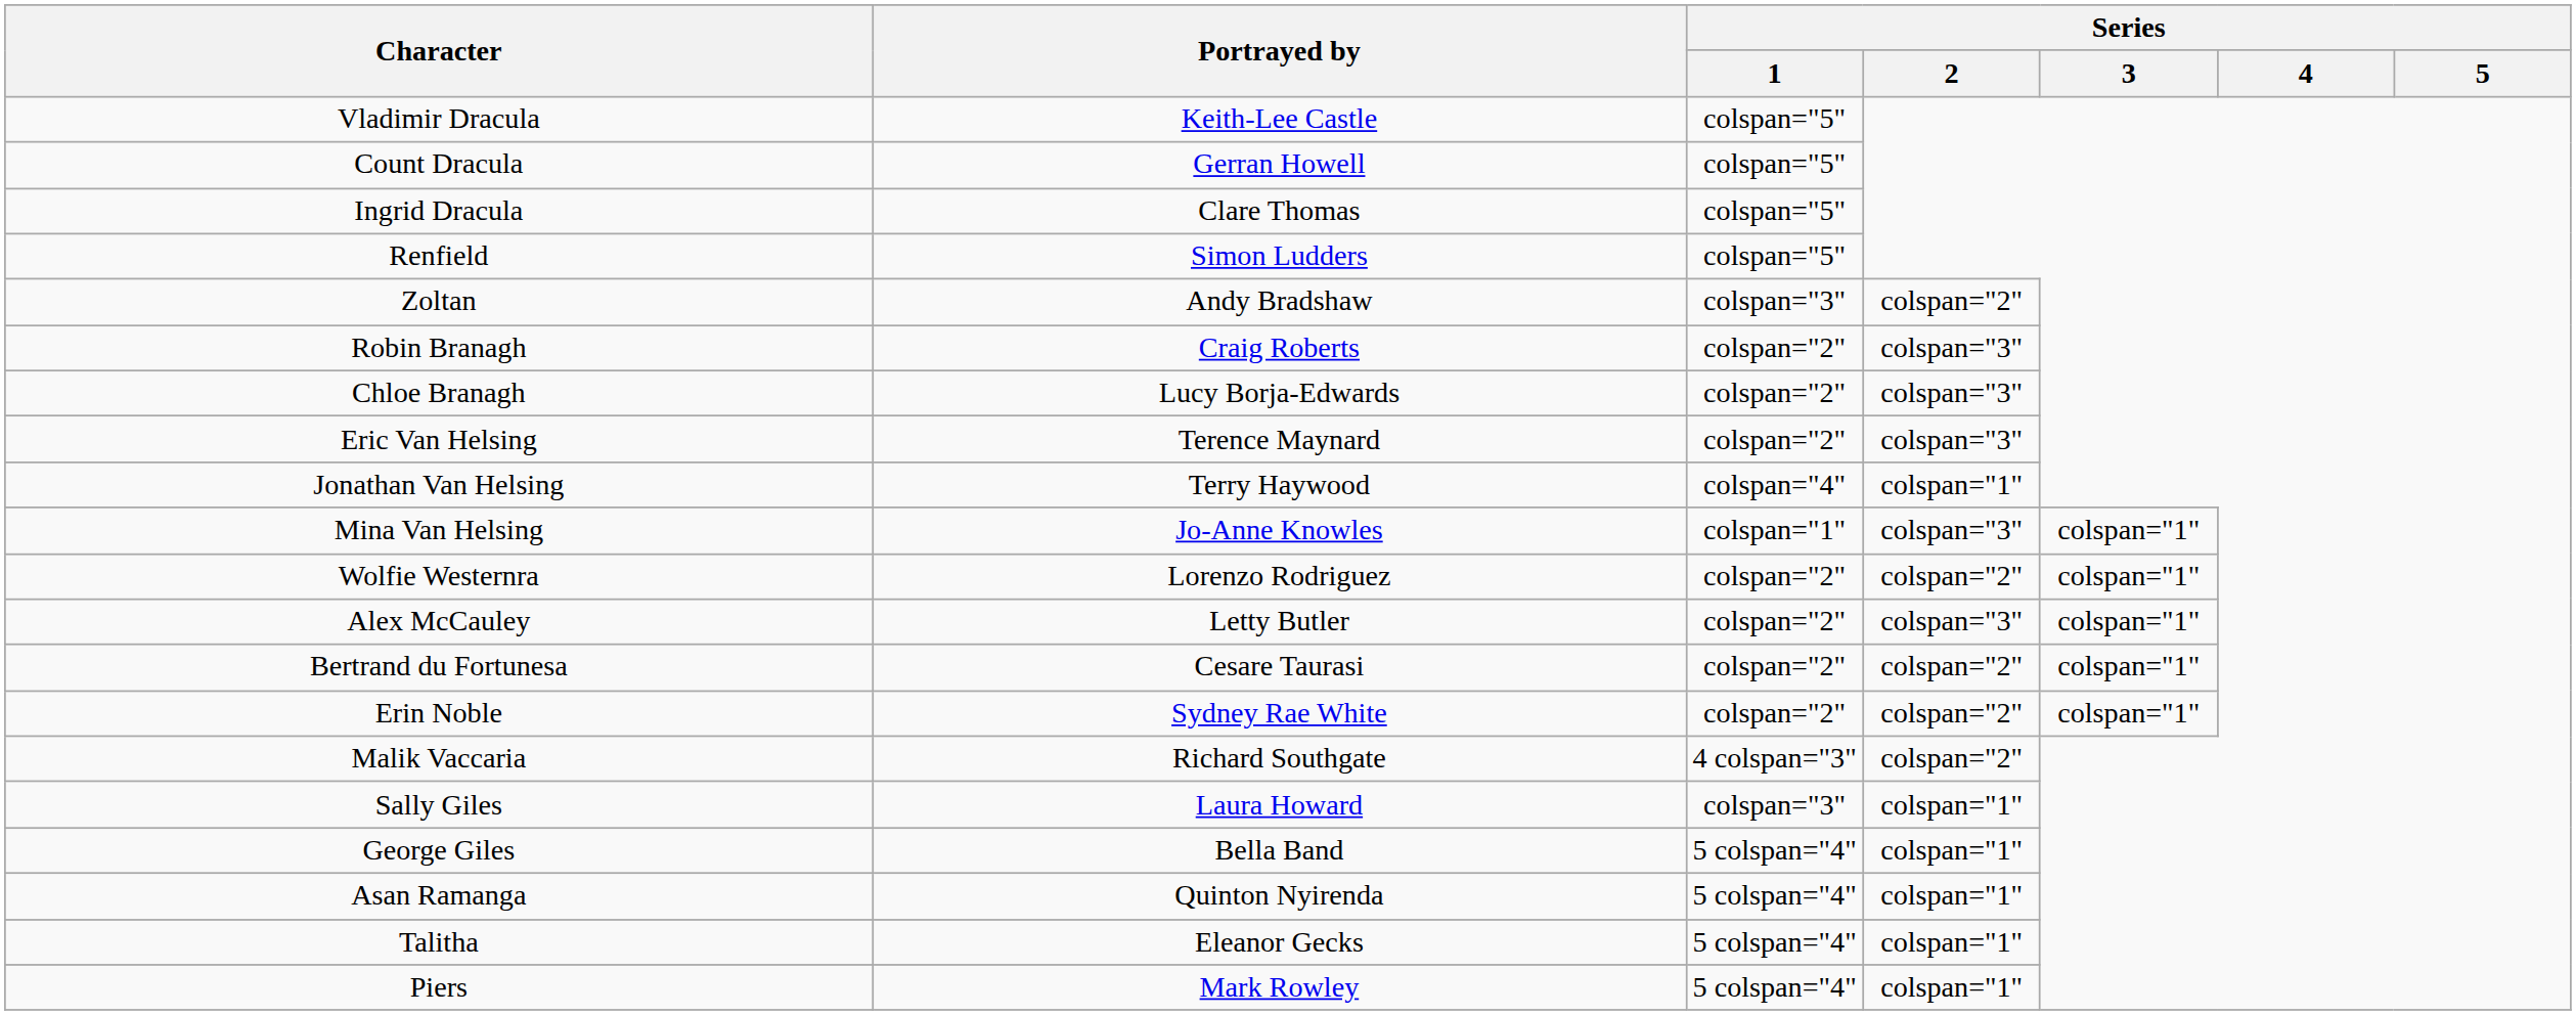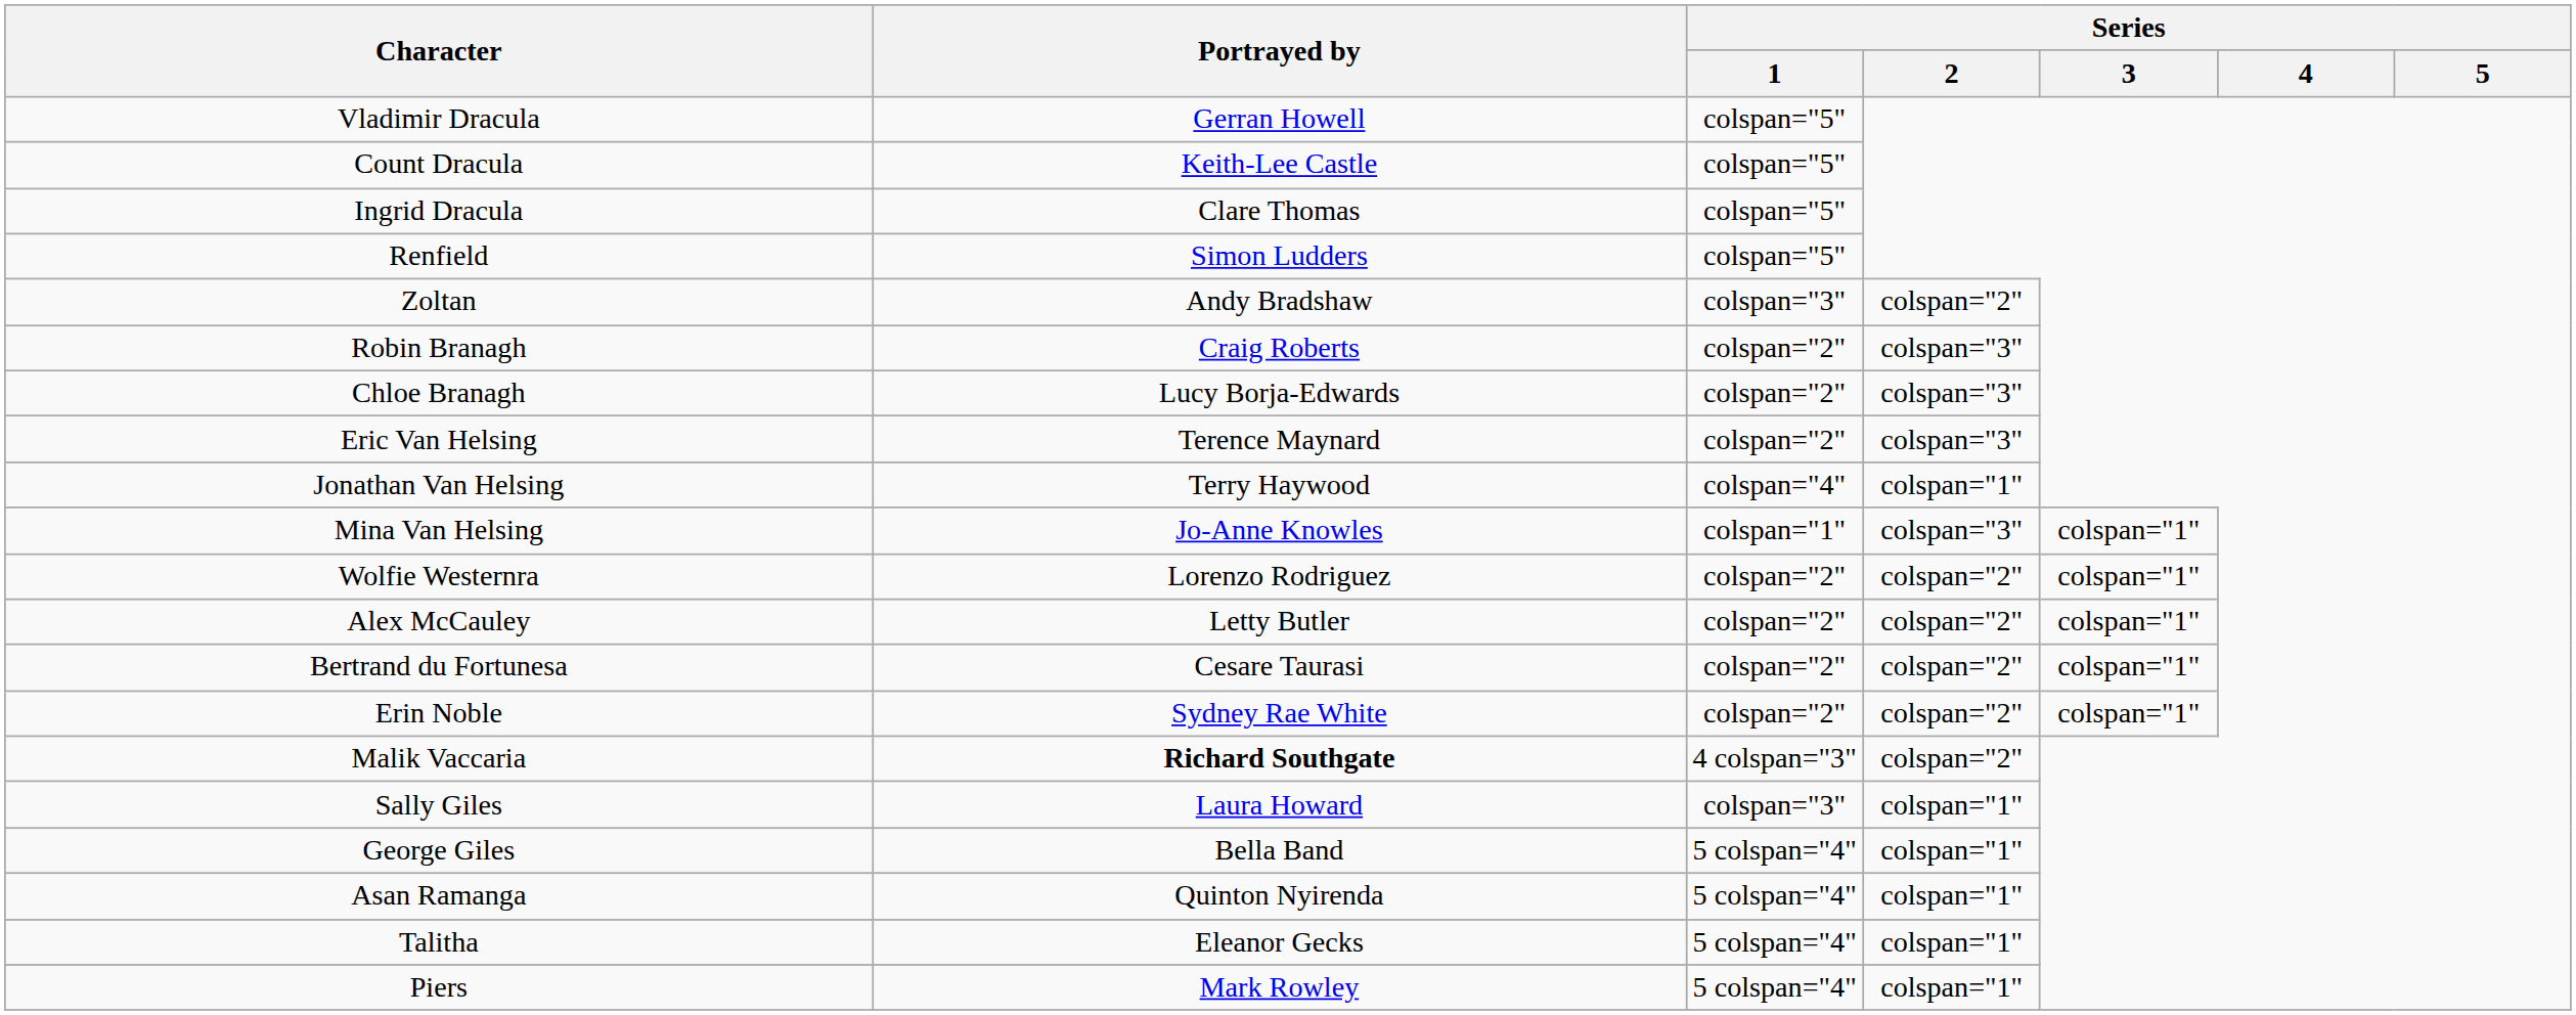 <table class="wikitable" style="text-align:center">
 <tr>
 <th rowspan="2">Character</th>
 <th rowspan="2">Portrayed by</th>
 <th colspan="5" width="50%">Series</th>
 </tr>
 <tr>
 <th scope="col" style="width:6.9%;">1</th>
 <th scope="col" style="width:6.9%;">2</th>
 <th scope="col" style="width:6.9%;">3</th>
 <th scope="col" style="width:6.9%;">4</th>
 <th scope="col" style="width:6.9%;">5</th>
 </tr>
 <tr>
 <td>Vladimir Dracula</td>
-<td><a href='#'>Keith-Lee Castle</a></td>
+<td><a href='#'>Gerran Howell</a></td>
 <td>colspan="5" </td>
 </tr>
 <tr>
 <td>Count Dracula</td>
-<td><a href='#'>Gerran Howell</a></td>
+<td><a href='#'>Keith-Lee Castle</a></td>
 <td>colspan="5" </td>
 </tr>
 <tr>
 <td>Ingrid Dracula</td>
 <td>Clare Thomas</td>
 <td>colspan="5" </td>
 </tr>
 <tr>
 <td>Renfield</td>
 <td><a href='#'>Simon Ludders</a></td>
 <td>colspan="5" </td>
 </tr>
 <tr>
 <td>Zoltan</td>
 <td>Andy Bradshaw</td>
 <td>colspan="3" </td>
 <td>colspan="2" </td>
 </tr>
 <tr>
 <td>Robin Branagh</td>
 <td><a href='#'>Craig Roberts</a></td>
 <td>colspan="2" </td>
 <td>colspan="3" </td>
 </tr>
 <tr>
 <td>Chloe Branagh</td>
 <td>Lucy Borja-Edwards</td>
 <td>colspan="2" </td>
 <td>colspan="3" </td>
 </tr>
 <tr>
 <td>Eric Van Helsing</td>
 <td>Terence Maynard</td>
 <td>colspan="2" </td>
 <td>colspan="3" </td>
 </tr>
 <tr>
 <td>Jonathan Van Helsing</td>
 <td>Terry Haywood</td>
 <td>colspan="4" </td>
 <td>colspan="1" </td>
 </tr>
 <tr>
 <td>Mina Van Helsing</td>
 <td><a href='#'>Jo-Anne Knowles</a></td>
 <td>colspan="1" </td>
 <td>colspan="3" </td>
 <td>colspan="1" </td>
 </tr>
 <tr>
 <td>Wolfie Westernra</td>
 <td>Lorenzo Rodriguez</td>
 <td>colspan="2" </td>
 <td>colspan="2" </td>
 <td>colspan="1" </td>
 </tr>
 <tr>
 <td>Alex McCauley</td>
 <td>Letty Butler</td>
 <td>colspan="2" </td>
-<td>colspan="3" </td>
+<td>colspan="2" </td>
 <td>colspan="1" </td>
 </tr>
 <tr>
 <td>Bertrand du Fortunesa</td>
 <td>Cesare Taurasi</td>
 <td>colspan="2" </td>
 <td>colspan="2" </td>
 <td>colspan="1" </td>
 </tr>
 <tr>
 <td>Erin Noble</td>
 <td><a href='#'>Sydney Rae White</a></td>
 <td>colspan="2" </td>
 <td>colspan="2" </td>
 <td>colspan="1" </td>
 </tr>
 <tr>
 <td>Malik Vaccaria</td>
-<td>Richard Southgate</td>
+<td><strong>Richard Southgate</strong></td>
 <td>4 colspan="3" </td>
 <td>colspan="2" </td>
 </tr>
 <tr>
 <td>Sally Giles</td>
 <td><a href='#'>Laura Howard</a></td>
 <td>colspan="3" </td>
 <td>colspan="1" </td>
 </tr>
 <tr>
 <td>George Giles</td>
 <td>Bella Band</td>
 <td>5 colspan="4" </td>
 <td>colspan="1" </td>
 </tr>
 <tr>
 <td>Asan Ramanga</td>
 <td>Quinton Nyirenda</td>
 <td>5 colspan="4" </td>
 <td>colspan="1" </td>
 </tr>
 <tr>
 <td>Talitha</td>
 <td>Eleanor Gecks</td>
 <td>5 colspan="4" </td>
 <td>colspan="1" </td>
 </tr>
 <tr>
 <td>Piers</td>
 <td><a href='#'>Mark Rowley</a></td>
 <td>5 colspan="4" </td>
 <td>colspan="1" </td>
 </tr>
 </table>
